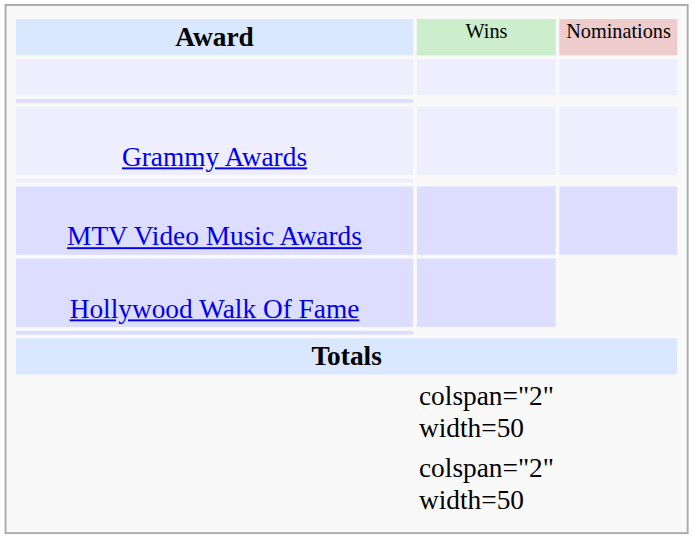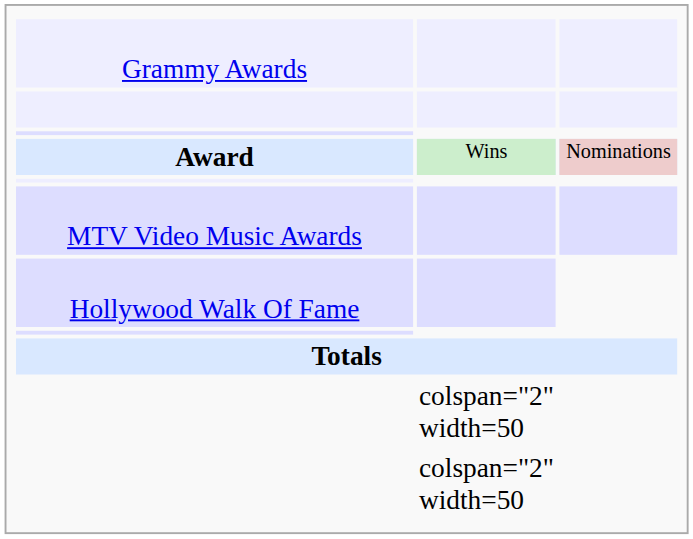 <table class="infobox" style="width: 25em; text-align: left; font-size: 90%; vertical-align: middle;">
 <tr>
 </tr>
-<tr bgcolor=#D9E8FF style="text-align:center;">
-<th style="vertical-align: middle;">Award</th>
-<td style="background:#cceecc; font-size:8pt;" width="60px">Wins</td>
-<td style="background:#eecccc; font-size:8pt;" width="60px">Nominations</td>
+<tr bgcolor=#eeeeff>
+<td align="center"><br><a href='#'>Grammy Awards</a></td>
+<td></td>
+<td></td>
 </tr>
 <tr bgcolor=#eeeeff>
 <td align="center"><br></td>
 <td></td>
 <td></td>
 </tr>
 <tr bgcolor=#ddddff>
 <td align="center"></td>
 </tr>
-<tr bgcolor=#eeeeff>
-<td align="center"><br><a href='#'>Grammy Awards</a></td>
-<td></td>
-<td></td>
+<tr bgcolor=#D9E8FF style="text-align:center;">
+<th style="vertical-align: middle;">Award</th>
+<td style="background:#cceecc; font-size:8pt;" width="60px">Wins</td>
+<td style="background:#eecccc; font-size:8pt;" width="60px">Nominations</td>
 </tr>
 <tr bgcolor=#eeeeff>
 <td align="center"></td>
 </tr>
 <tr bgcolor=#ddddff>
 <td align="center"><br><a href='#'>MTV Video Music Awards</a></td>
 <td></td>
 <td></td>
 </tr>
 <tr bgcolor=#ddddff>
 <td align="center"><br><a href='#'>Hollywood Walk Of Fame</a></td>
 <td></td>
 </tr>
 <tr bgcolor=#ddddff>
 <td align="left"></td>
 </tr>
 <tr bgcolor=#D9E8FF>
 <td colspan="3" style="text-align:center;"><strong>Totals</strong></td>
 </tr>
 <tr>
 <td></td>
 <td>colspan="2" width=50 </td>
 </tr>
 <tr>
 <td></td>
 <td>colspan="2" width=50 </td>
 </tr>
 <tr>
 </tr>
 </table>
